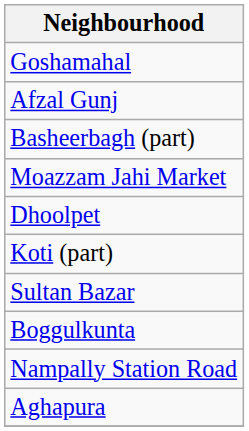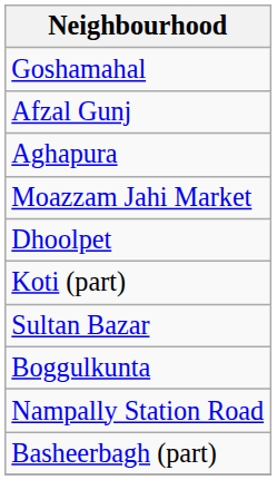 <table class="wikitable sortable static-row-numbers static-row-header-hash">
 <tr>
 <th>Neighbourhood</th>
 </tr>
 <tr>
 <td><a href='#'>Goshamahal</a></td>
 </tr>
 <tr>
 <td><a href='#'>Afzal Gunj</a></td>
 </tr>
 <tr>
-<td><a href='#'>Basheerbagh</a> (part)</td>
+<td><a href='#'>Aghapura</a></td>
 </tr>
 <tr>
 <td><a href='#'>Moazzam Jahi Market</a></td>
 </tr>
 <tr>
 <td><a href='#'>Dhoolpet</a></td>
 </tr>
 <tr>
 <td><a href='#'>Koti</a> (part)</td>
 </tr>
 <tr>
 <td><a href='#'>Sultan Bazar</a></td>
 </tr>
 <tr>
 <td><a href='#'>Boggulkunta</a></td>
 </tr>
 <tr>
 <td><a href='#'>Nampally Station Road</a></td>
 </tr>
 <tr>
-<td><a href='#'>Aghapura</a></td>
+<td><a href='#'>Basheerbagh</a> (part)</td>
 </tr>
 <tr>
 </tr>
 </table>
